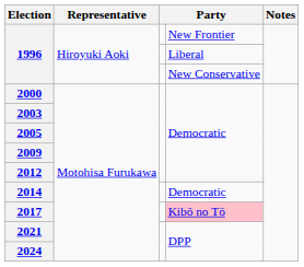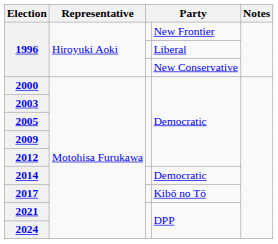 <table class=wikitable>
 <tr valign=bottom>
 <th>Election</th>
 <th>Representative</th>
 <th colspan="2">Party</th>
 <th>Notes</th>
 </tr>
 <tr>
 <th rowspan="3"><a href='#'>1996</a></th>
 <td rowspan="3"><a href='#'>Hiroyuki Aoki</a></td>
 <td bgcolor=></td>
 <td><a href='#'>New Frontier</a></td>
 <td rowspan="3"></td>
 </tr>
 <tr>
 <td bgcolor=></td>
 <td><a href='#'>Liberal</a></td>
 </tr>
 <tr>
 <td bgcolor=></td>
 <td><a href='#'>New Conservative</a></td>
 </tr>
 <tr>
 <th><a href='#'>2000</a></th>
 <td rowspan="10"><a href='#'>Motohisa Furukawa</a></td>
 <td rowspan="6" bgcolor=></td>
 <td rowspan="6"><a href='#'>Democratic</a></td>
 <td rowspan="10"></td>
 </tr>
 <tr>
 <th><a href='#'>2003</a></th>
 </tr>
 <tr>
 <th><a href='#'>2005</a></th>
 </tr>
 <tr>
 <th><a href='#'>2009</a></th>
 </tr>
 <tr>
 <th><a href='#'>2012</a></th>
 </tr>
 <tr>
 <th rowspan="2"><a href='#'>2014</a></th>
 </tr>
 <tr>
 <td bgcolor=></td>
 <td><a href='#'>Democratic</a></td>
 </tr>
 <tr>
 <th><a href='#'>2017</a></th>
 <td bgcolor=></td>
-<td style="background: pink;"><a href='#'>Kibō no Tō</a></td>
+<td><a href='#'>Kibō no Tō</a></td>
 </tr>
 <tr>
 <th><a href='#'>2021</a></th>
 <td rowspan=2 bgcolor=></td>
 <td rowspan=2><a href='#'>DPP</a></td>
 </tr>
 <tr>
 <th><a href='#'>2024</a></th>
 </tr>
 </table>
